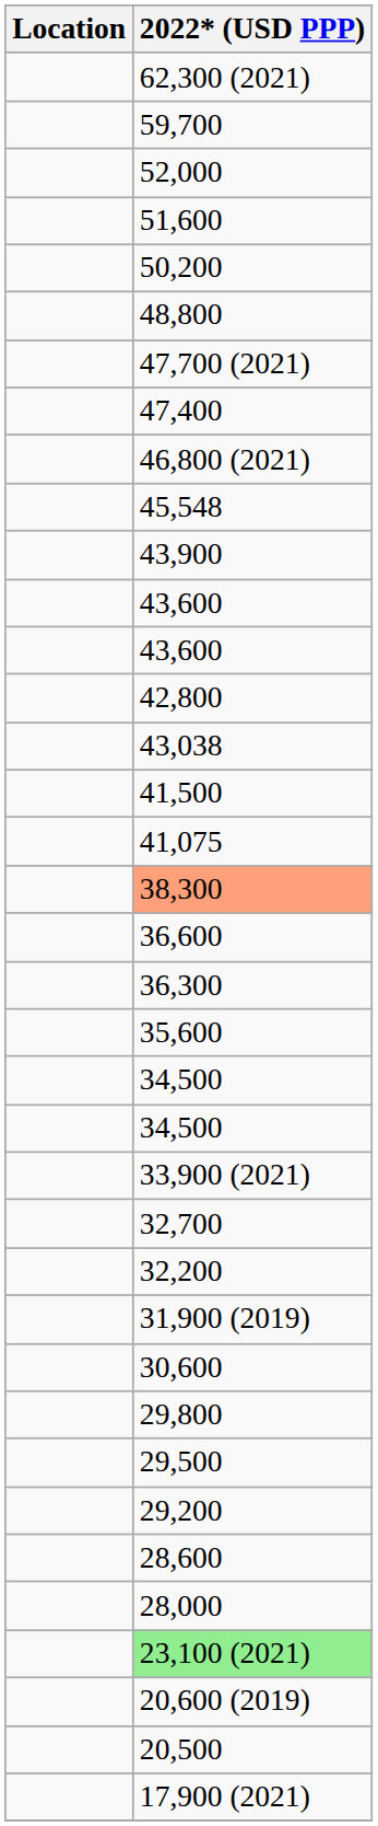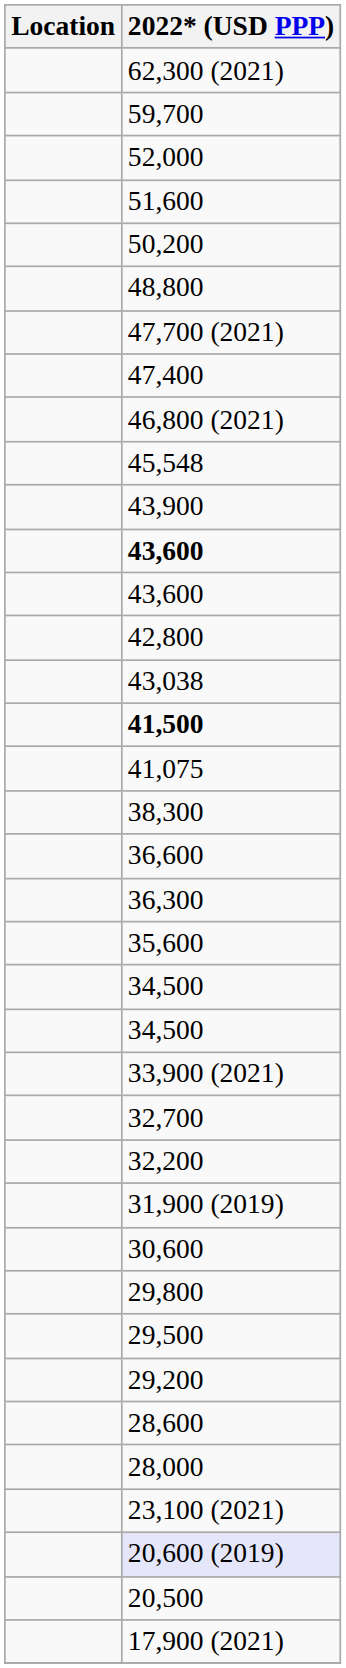 <table class="sortable wikitable static-row-numbers sticky-table-head">
 <tr>
 <th>Location</th>
 <th>2022* (USD <a href='#'>PPP</a>)</th>
 </tr>
 <tr>
 <td></td>
 <td>62,300 (2021)</td>
 </tr>
 <tr>
 <td></td>
 <td>59,700</td>
 </tr>
 <tr>
 <td></td>
 <td>52,000</td>
 </tr>
 <tr>
 <td></td>
 <td>51,600</td>
 </tr>
 <tr>
 <td></td>
 <td>50,200</td>
 </tr>
 <tr>
 <td></td>
 <td>48,800</td>
 </tr>
 <tr>
 <td></td>
 <td>47,700 (2021)</td>
 </tr>
 <tr>
 <td></td>
 <td>47,400</td>
 </tr>
 <tr>
 <td></td>
 <td>46,800 (2021)</td>
 </tr>
 <tr>
 <td></td>
 <td>45,548</td>
 </tr>
 <tr>
 <td></td>
 <td>43,900</td>
 </tr>
 <tr>
 <td></td>
-<td>43,600</td>
+<td><strong>43,600</strong></td>
 </tr>
 <tr>
 <td></td>
 <td>43,600</td>
 </tr>
 <tr>
 <td></td>
 <td>42,800</td>
 </tr>
 <tr>
 <td></td>
 <td>43,038</td>
 </tr>
 <tr>
 <td><em></em></td>
-<td>41,500</td>
+<td><strong>41,500</strong></td>
 </tr>
 <tr>
 <td></td>
 <td>41,075</td>
 </tr>
 <tr>
 <td></td>
-<td style="background: lightsalmon;">38,300</td>
+<td>38,300</td>
 </tr>
 <tr>
 <td></td>
 <td>36,600</td>
 </tr>
 <tr>
 <td></td>
 <td>36,300</td>
 </tr>
 <tr>
 <td></td>
 <td>35,600</td>
 </tr>
 <tr>
 <td></td>
 <td>34,500</td>
 </tr>
 <tr>
 <td></td>
 <td>34,500</td>
 </tr>
 <tr>
 <td></td>
 <td>33,900 (2021)</td>
 </tr>
 <tr>
 <td></td>
 <td>32,700</td>
 </tr>
 <tr>
 <td></td>
 <td>32,200</td>
 </tr>
 <tr>
 <td></td>
 <td>31,900 (2019)</td>
 </tr>
 <tr>
 <td></td>
 <td>30,600</td>
 </tr>
 <tr>
 <td></td>
 <td>29,800</td>
 </tr>
 <tr>
 <td></td>
 <td>29,500</td>
 </tr>
 <tr>
 <td></td>
 <td>29,200</td>
 </tr>
 <tr>
 <td></td>
 <td>28,600</td>
 </tr>
 <tr>
 <td></td>
 <td>28,000</td>
 </tr>
 <tr>
 <td></td>
-<td style="background: lightgreen;">23,100 (2021)</td>
+<td>23,100 (2021)</td>
 </tr>
 <tr>
 <td></td>
-<td>20,600 (2019)</td>
+<td style="background: lavender;">20,600 (2019)</td>
 </tr>
 <tr>
 <td></td>
 <td>20,500</td>
 </tr>
 <tr>
 <td></td>
 <td>17,900 (2021)</td>
 </tr>
 <tr>
 </tr>
 </table>
